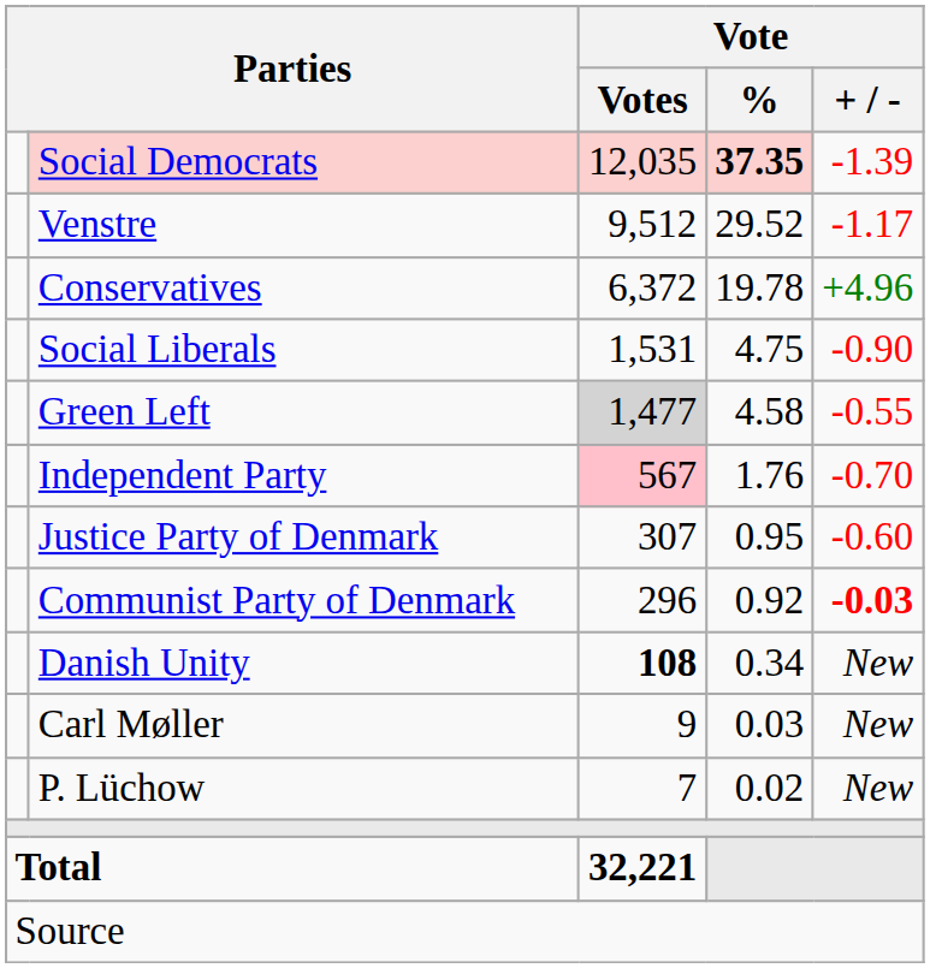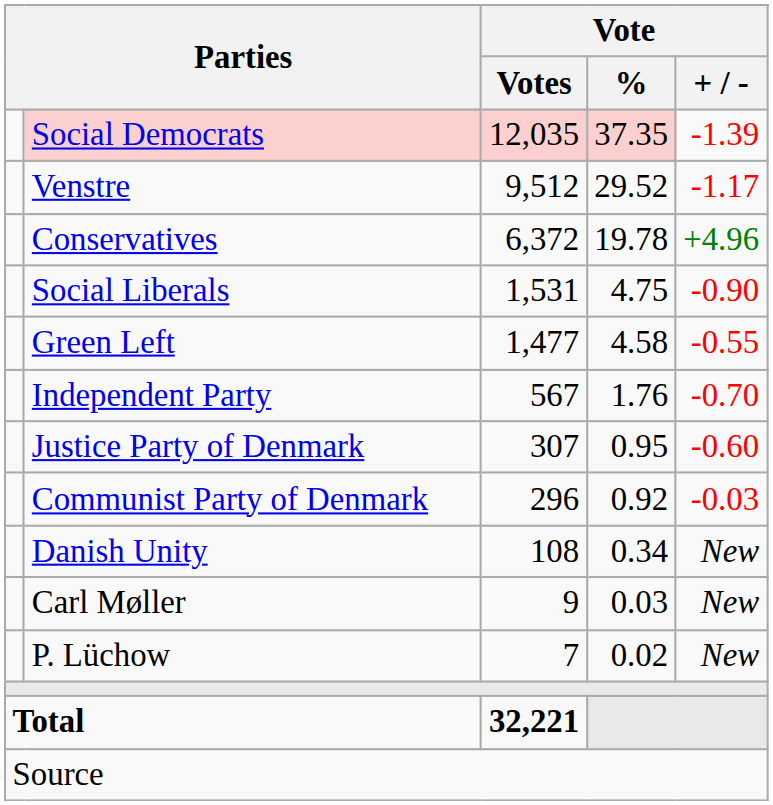 <table class="wikitable" style="text-align:right;">
 <tr>
 <th style="text-align:centre;" rowspan="2" colspan="2" width="225">Parties</th>
 <th colspan="3">Vote</th>
 </tr>
 <tr>
 <th width="15">Votes</th>
 <th width="15">%</th>
 <th width="15">+ / -</th>
 </tr>
 <tr>
 <td width="2" style="color:inherit;background:"></td>
 <td bgcolor=#fbd0ce  align="left"><a href='#'>Social Democrats</a></td>
 <td bgcolor=#fbd0ce>12,035</td>
-<td bgcolor=#fbd0ce><strong>37.35</strong></td>
+<td bgcolor=#fbd0ce>37.35</td>
 <td style=color:red;>-1.39</td>
 </tr>
 <tr>
 <td width="2" style="color:inherit;background:"></td>
 <td align="left"><a href='#'>Venstre</a></td>
 <td>9,512</td>
 <td>29.52</td>
 <td style=color:red;>-1.17</td>
 </tr>
 <tr>
 <td width="2" style="color:inherit;background:"></td>
 <td align="left"><a href='#'>Conservatives</a></td>
 <td>6,372</td>
 <td>19.78</td>
 <td style=color:green;>+4.96</td>
 </tr>
 <tr>
 <td width="2" style="color:inherit;background:"></td>
 <td align="left"><a href='#'>Social Liberals</a></td>
 <td>1,531</td>
 <td>4.75</td>
 <td style=color:red;>-0.90</td>
 </tr>
 <tr>
 <td width="2" style="color:inherit;background:"></td>
 <td align="left"><a href='#'>Green Left</a></td>
-<td style="background: lightgrey;">1,477</td>
+<td>1,477</td>
 <td>4.58</td>
 <td style=color:red;>-0.55</td>
 </tr>
 <tr>
 <td width="2" style="color:inherit;background:"></td>
 <td align="left"><a href='#'>Independent Party</a></td>
-<td style="background: pink;">567</td>
+<td>567</td>
 <td>1.76</td>
 <td style=color:red;>-0.70</td>
 </tr>
 <tr>
 <td width="2" style="color:inherit;background:"></td>
 <td align="left"><a href='#'>Justice Party of Denmark</a></td>
 <td>307</td>
 <td>0.95</td>
 <td style=color:red;>-0.60</td>
 </tr>
 <tr>
 <td width="2" style="color:inherit;background:"></td>
 <td align="left"><a href='#'>Communist Party of Denmark</a></td>
 <td>296</td>
 <td>0.92</td>
-<td style=color:red;><strong>-0.03</strong></td>
+<td style=color:red;>-0.03</td>
 </tr>
 <tr>
 <td width="2" style="color:inherit;background:"></td>
 <td align="left"><a href='#'>Danish Unity</a></td>
-<td><strong>108</strong></td>
+<td>108</td>
 <td>0.34</td>
 <td><em>New</em></td>
 </tr>
 <tr>
 <td width="2" style="color:inherit;background:"></td>
 <td align="left">Carl Møller</td>
 <td>9</td>
 <td>0.03</td>
 <td><em>New</em></td>
 </tr>
 <tr>
 <td width="2" style="color:inherit;background:"></td>
 <td align="left">P. Lüchow</td>
 <td>7</td>
 <td>0.02</td>
 <td><em>New</em></td>
 </tr>
 <tr>
 <td colspan="7" bgcolor="#E9E9E9"></td>
 </tr>
 <tr>
 <td align="left" colspan="2"><strong>Total</strong></td>
 <td><strong>32,221</strong></td>
 <td bgcolor="#E9E9E9" colspan="2"></td>
 </tr>
 <tr>
 <td align="left" colspan="6">Source</td>
 </tr>
 </table>
